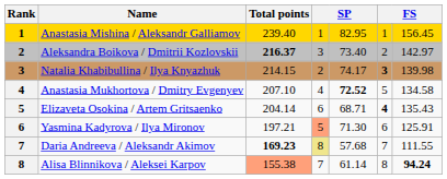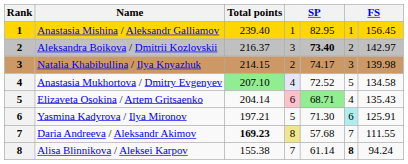 <table class="wikitable sortable">
 <tr>
 <th>Rank</th>
 <th>Name</th>
 <th>Total points</th>
 <th colspan="2" width="80px"><a href='#'>SP</a></th>
 <th colspan="2" width="80px"><a href='#'>FS</a></th>
 </tr>
 <tr bgcolor="gold">
 <td align="center"><strong>1</strong></td>
 <td><a href='#'>Anastasia Mishina</a> / <a href='#'>Aleksandr Galliamov</a></td>
 <td align="center">239.40</td>
 <td align="center">1</td>
 <td align="center">82.95</td>
 <td align="center">1</td>
 <td align="center">156.45</td>
 </tr>
 <tr bgcolor="silver">
 <td align="center"><strong>2</strong></td>
 <td><a href='#'>Aleksandra Boikova</a> / <a href='#'>Dmitrii Kozlovskii</a></td>
-<td align="center"><strong>216.37</strong></td>
+<td align="center">216.37</td>
 <td align="center">3</td>
-<td align="center">73.40</td>
+<td align="center"><strong>73.40</strong></td>
 <td align="center">2</td>
 <td align="center">142.97</td>
 </tr>
 <tr bgcolor="cc9966">
 <td align="center"><strong>3</strong></td>
 <td><a href='#'>Natalia Khabibullina</a> / <a href='#'>Ilya Knyazhuk</a></td>
 <td align="center">214.15</td>
 <td align="center">2</td>
 <td align="center">74.17</td>
-<td align="center"><strong>3</strong></td>
+<td align="center">3</td>
 <td align="center">139.98</td>
 </tr>
 <tr>
 <th>4</th>
 <td><a href='#'>Anastasia Mukhortova</a> / <a href='#'>Dmitry Evgenyev</a></td>
-<td align="center">207.10</td>
-<td align="center">4</td>
-<td align="center"><strong>72.52</strong></td>
+<td align="center" style="background: lightgreen;">207.10</td>
+<td align="center" style="background: lavender;">4</td>
+<td align="center">72.52</td>
 <td align="center">5</td>
 <td align="center">134.58</td>
 </tr>
 <tr>
 <th>5</th>
 <td><a href='#'>Elizaveta Osokina</a> / <a href='#'>Artem Gritsaenko</a></td>
 <td align="center">204.14</td>
-<td align="center">6</td>
-<td align="center">68.71</td>
-<td align="center"><strong>4</strong></td>
+<td align="center" style="background: pink;">6</td>
+<td align="center" style="background: lightgreen;">68.71</td>
+<td align="center">4</td>
 <td align="center">135.43</td>
 </tr>
 <tr>
 <th>6</th>
 <td><a href='#'>Yasmina Kadyrova</a> / <a href='#'>Ilya Mironov</a></td>
 <td align="center">197.21</td>
-<td align="center" style="background: lightsalmon;">5</td>
+<td align="center">5</td>
 <td align="center">71.30</td>
-<td align="center">6</td>
+<td align="center" style="background: paleturquoise;">6</td>
 <td align="center">125.91</td>
 </tr>
 <tr>
 <th>7</th>
 <td><a href='#'>Daria Andreeva</a> / <a href='#'>Aleksandr Akimov</a></td>
 <td align="center"><strong>169.23</strong></td>
 <td align="center" style="background: khaki;">8</td>
 <td align="center">57.68</td>
 <td align="center">7</td>
 <td align="center">111.55</td>
 </tr>
 <tr>
 <th>8</th>
 <td><a href='#'>Alisa Blinnikova</a> / <a href='#'>Aleksei Karpov</a></td>
-<td align="center" style="background: lightsalmon;">155.38</td>
+<td align="center">155.38</td>
 <td align="center">7</td>
 <td align="center">61.14</td>
-<td align="center">8</td>
-<td align="center"><strong>94.24</strong></td>
+<td align="center"><strong>8</strong></td>
+<td align="center">94.24</td>
 </tr>
 </table>
